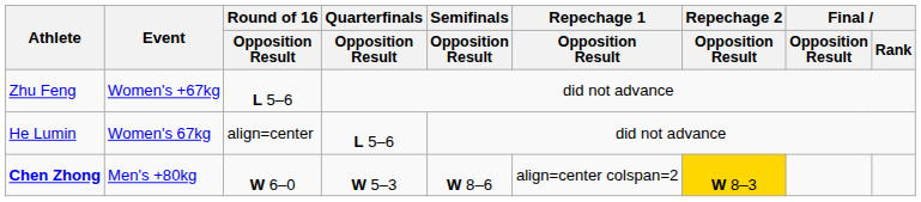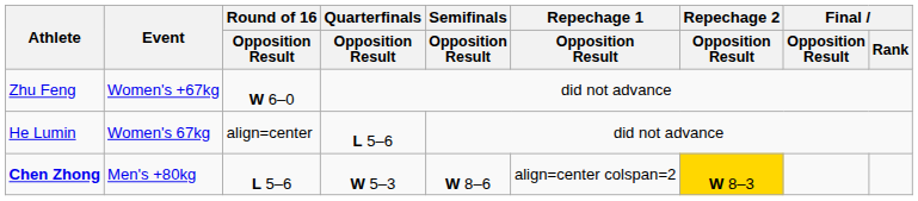 <table class="wikitable" style="font-size:90%;">
 <tr>
 <th rowspan=2>Athlete</th>
 <th rowspan=2>Event</th>
 <th>Round of 16</th>
 <th>Quarterfinals</th>
 <th>Semifinals</th>
 <th>Repechage 1</th>
 <th>Repechage 2</th>
 <th colspan=2>Final / </th>
 </tr>
 <tr style="font-size:95%">
 <th>Opposition<br>Result</th>
 <th>Opposition<br>Result</th>
 <th>Opposition<br>Result</th>
 <th>Opposition<br>Result</th>
 <th>Opposition<br>Result</th>
 <th>Opposition<br>Result</th>
 <th>Rank</th>
 </tr>
 <tr>
 <td align=left><a href='#'>Zhu Feng</a></td>
 <td align=left><a href='#'>Women's +67kg</a></td>
-<td align=center><br><strong>L</strong> 5–6</td>
+<td align=center><br><strong>W</strong> 6–0</td>
 <td align=center colspan=6>did not advance</td>
 </tr>
 <tr>
 <td align=left><a href='#'>He Lumin</a></td>
 <td align=left><a href='#'>Women's 67kg</a></td>
 <td>align=center </td>
 <td align=center><br><strong>L</strong> 5–6</td>
 <td align=center colspan=5>did not advance</td>
 </tr>
 <tr>
 <td align=left><strong><a href='#'>Chen Zhong</a></strong></td>
 <td align=left><a href='#'>Men's +80kg</a></td>
-<td align=center><br><strong>W</strong> 6–0</td>
+<td align=center><br><strong>L</strong> 5–6</td>
 <td align=center><br><strong>W</strong> 5–3</td>
 <td align=center><br><strong>W</strong> 8–6</td>
 <td>align=center colspan=2 </td>
 <td align=center style="background: gold;"><br><strong>W</strong> 8–3</td>
 <td align=center></td>
 </tr>
 </table>
